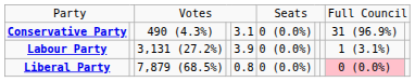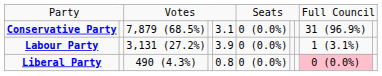 <table class=wikitable style="text-align:center;">
 <tr>
 <td colspan=2>Party</td>
 <td colspan=3>Votes</td>
 <td colspan=3>Seats</td>
 <td colspan=3>Full Council</td>
 </tr>
 <tr>
 <td><strong><a href='#'>Conservative Party</a></strong></td>
 <td style="background:"></td>
-<td>490 (4.3%)</td>
+<td>7,879 (68.5%)</td>
 <td></td>
 <td> 3.1</td>
 <td>0 (0.0%)</td>
 <td></td>
 <td></td>
 <td>31 (96.9%)</td>
 <td></td>
 </tr>
 <tr>
 <td><strong><a href='#'>Labour Party</a></strong></td>
 <td style="background:"></td>
 <td>3,131 (27.2%)</td>
 <td></td>
 <td> 3.9</td>
 <td>0 (0.0%)</td>
 <td></td>
 <td></td>
 <td>1 (3.1%)</td>
 <td></td>
 </tr>
 <tr>
 <td><strong><a href='#'>Liberal Party</a></strong></td>
 <td style="background:"></td>
-<td>7,879 (68.5%)</td>
+<td>490 (4.3%)</td>
 <td></td>
 <td> 0.8</td>
 <td>0 (0.0%)</td>
 <td></td>
 <td></td>
 <td style="background: pink;">0 (0.0%)</td>
 <td></td>
 </tr>
 </table>
